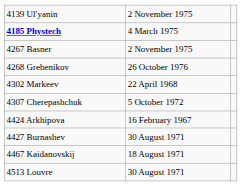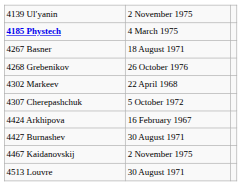 <table class="wikitable" style="font-size: 89%; float: left; width: 26em; margin-right: 1em; height: 280px;">
 <tr>
 <td>4139 Ulʹyanin</td>
 <td>2 November 1975</td>
 <td></td>
 </tr>
 <tr>
 <td><strong><a href='#'>4185 Phystech</a></strong></td>
 <td>4 March 1975</td>
 <td></td>
 </tr>
 <tr>
 <td>4267 Basner</td>
-<td>2 November 1975</td>
+<td>18 August 1971</td>
 <td></td>
 </tr>
 <tr>
 <td>4268 Grebenikov</td>
 <td>26 October 1976</td>
 <td></td>
 </tr>
 <tr>
 <td>4302 Markeev</td>
 <td>22 April 1968</td>
 <td></td>
 </tr>
 <tr>
 <td>4307 Cherepashchuk</td>
 <td>5 October 1972</td>
 <td></td>
 </tr>
 <tr>
 <td>4424 Arkhipova</td>
 <td>16 February 1967</td>
 <td></td>
 </tr>
 <tr>
 <td>4427 Burnashev</td>
 <td>30 August 1971</td>
 <td></td>
 </tr>
 <tr>
 <td>4467 Kaidanovskij</td>
-<td>18 August 1971</td>
+<td>2 November 1975</td>
 <td></td>
 </tr>
 <tr>
 <td>4513 Louvre</td>
 <td>30 August 1971</td>
 <td></td>
 </tr>
 </table>
